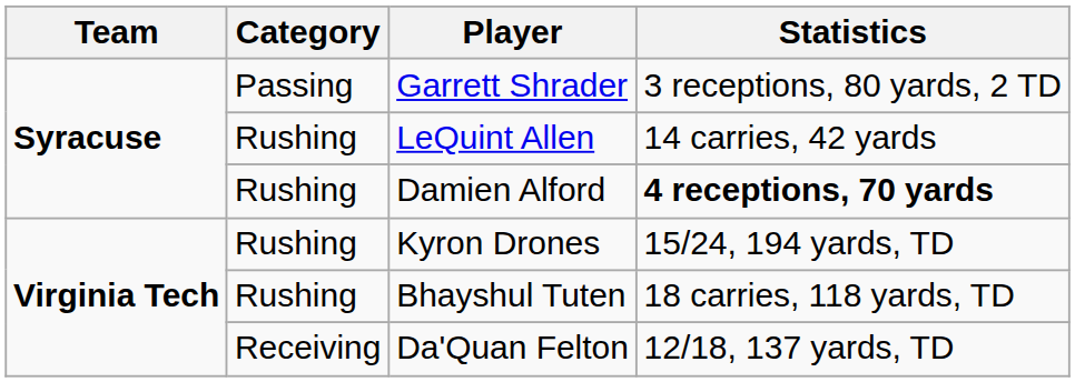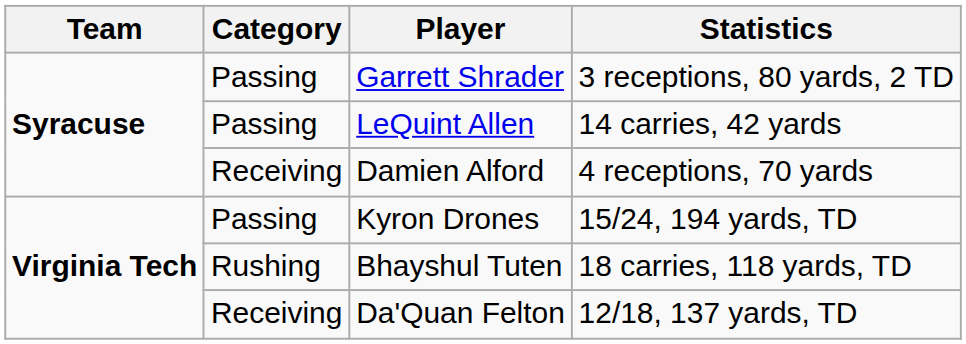 <table class="wikitable" style="float: right;">
 <tr>
 <th>Team</th>
 <th>Category</th>
 <th>Player</th>
 <th>Statistics</th>
 </tr>
 <tr>
 <td rowspan=3><strong>Syracuse</strong></td>
 <td>Passing</td>
 <td><a href='#'>Garrett Shrader</a></td>
 <td>3 receptions, 80 yards, 2 TD</td>
 </tr>
 <tr>
-<td>Rushing</td>
+<td>Passing</td>
 <td><a href='#'>LeQuint Allen</a></td>
 <td>14 carries, 42 yards</td>
 </tr>
 <tr>
-<td>Rushing</td>
+<td>Receiving</td>
 <td>Damien Alford</td>
-<td><strong>4 receptions, 70 yards</strong></td>
+<td>4 receptions, 70 yards</td>
 </tr>
 <tr>
 <td rowspan=3><strong>Virginia Tech</strong></td>
-<td>Rushing</td>
+<td>Passing</td>
 <td>Kyron Drones</td>
 <td>15/24, 194 yards, TD</td>
 </tr>
 <tr>
 <td>Rushing</td>
 <td>Bhayshul Tuten</td>
 <td>18 carries, 118 yards, TD</td>
 </tr>
 <tr>
 <td>Receiving</td>
 <td>Da'Quan Felton</td>
 <td>12/18, 137 yards, TD</td>
 </tr>
 </table>
